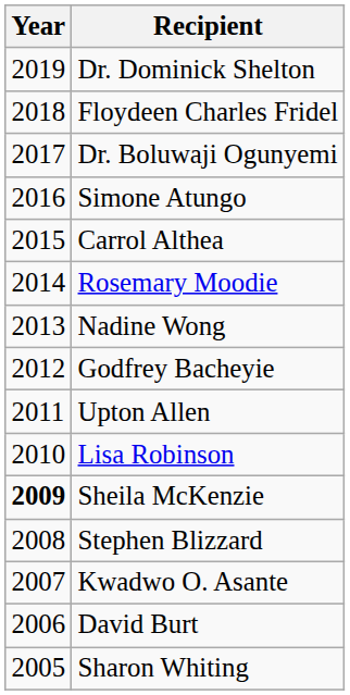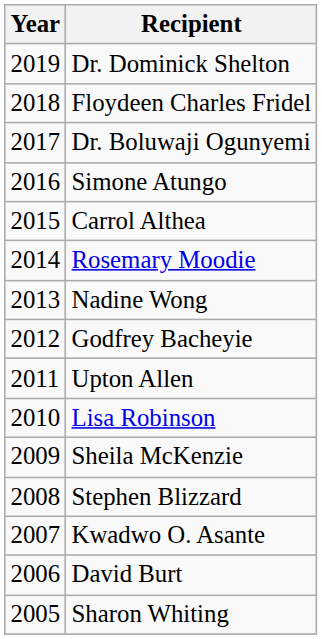 <table class="wikitable sortable">
 <tr>
 <th>Year</th>
 <th>Recipient</th>
 </tr>
 <tr>
 <td>2019</td>
 <td>Dr. Dominick Shelton</td>
 </tr>
 <tr>
 <td>2018</td>
 <td>Floydeen Charles Fridel</td>
 </tr>
 <tr>
 <td>2017</td>
 <td>Dr. Boluwaji Ogunyemi</td>
 </tr>
 <tr>
 <td>2016</td>
 <td>Simone Atungo</td>
 </tr>
 <tr>
 <td>2015</td>
 <td>Carrol Althea</td>
 </tr>
 <tr>
 <td>2014</td>
 <td><a href='#'>Rosemary Moodie</a></td>
 </tr>
 <tr>
 <td>2013</td>
 <td>Nadine Wong</td>
 </tr>
 <tr>
 <td>2012</td>
 <td>Godfrey Bacheyie</td>
 </tr>
 <tr>
 <td>2011</td>
 <td>Upton Allen</td>
 </tr>
 <tr>
 <td>2010</td>
 <td><a href='#'>Lisa Robinson</a></td>
 </tr>
 <tr>
-<td><strong>2009</strong></td>
+<td>2009</td>
 <td>Sheila McKenzie</td>
 </tr>
 <tr>
 <td>2008</td>
 <td>Stephen Blizzard</td>
 </tr>
 <tr>
 <td>2007</td>
 <td>Kwadwo O. Asante</td>
 </tr>
 <tr>
 <td>2006</td>
 <td>David Burt</td>
 </tr>
 <tr>
 <td>2005</td>
 <td>Sharon Whiting</td>
 </tr>
 </table>
